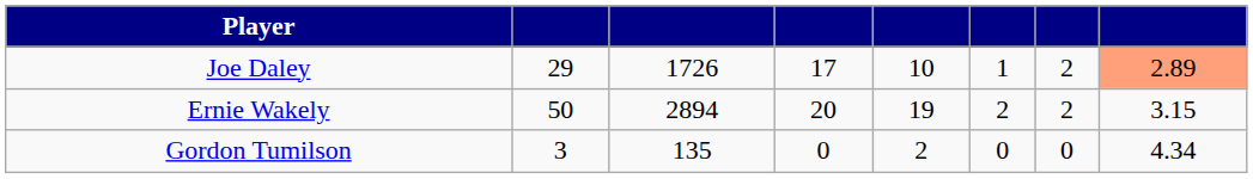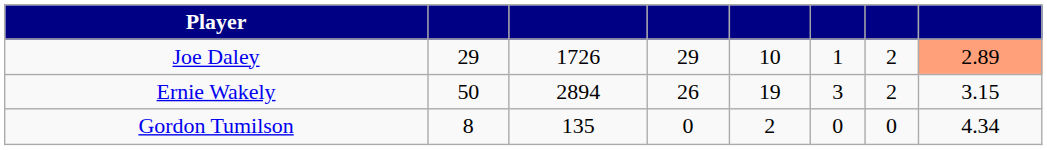 <table style="width:60%;" class="wikitable sortable">
 <tr>
 <th style="color:white; background:#000084; ">Player</th>
 <th style="color:white; background:#000084; "></th>
 <th style="color:white; background:#000084; "></th>
 <th style="color:white; background:#000084; "></th>
 <th style="color:white; background:#000084; "></th>
 <th style="color:white; background:#000084; "></th>
 <th style="color:white; background:#000084; "></th>
 <th style="color:white; background:#000084; "></th>
 </tr>
 <tr align="center">
 <td><a href='#'>Joe Daley</a></td>
 <td>29</td>
 <td>1726</td>
-<td>17</td>
+<td>29</td>
 <td>10</td>
 <td>1</td>
 <td>2</td>
 <td style="background: lightsalmon;">2.89</td>
 </tr>
 <tr align="center">
 <td><a href='#'>Ernie Wakely</a></td>
 <td>50</td>
 <td>2894</td>
-<td>20</td>
+<td>26</td>
 <td>19</td>
-<td>2</td>
+<td>3</td>
 <td>2</td>
 <td>3.15</td>
 </tr>
 <tr align="center">
 <td><a href='#'>Gordon Tumilson</a></td>
-<td>3</td>
+<td>8</td>
 <td>135</td>
 <td>0</td>
 <td>2</td>
 <td>0</td>
 <td>0</td>
 <td>4.34</td>
 </tr>
 </table>
